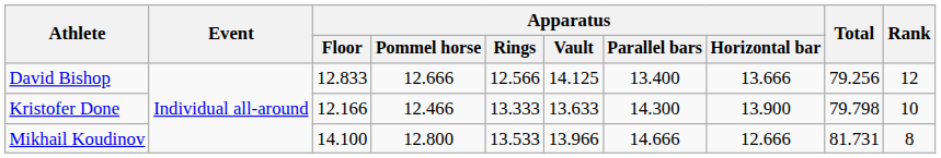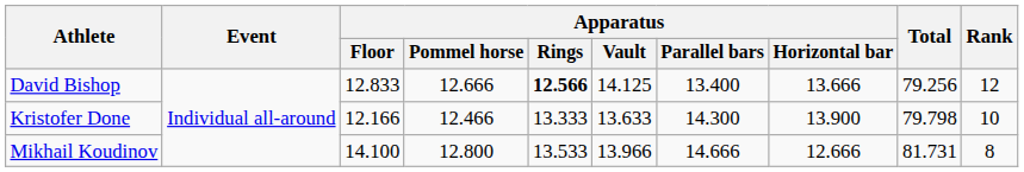 <table class="wikitable" style="text-align:center;font-size:90%">
 <tr>
 <th rowspan=2>Athlete</th>
 <th rowspan=2>Event</th>
 <th colspan=6>Apparatus</th>
 <th rowspan=2>Total</th>
 <th rowspan=2>Rank</th>
 </tr>
 <tr style="font-size:95%">
 <th>Floor</th>
 <th>Pommel horse</th>
 <th>Rings</th>
 <th>Vault</th>
 <th>Parallel bars</th>
 <th>Horizontal bar</th>
 </tr>
 <tr>
 <td align=left><a href='#'>David Bishop</a></td>
 <td align=left rowspan=3><a href='#'>Individual all-around</a></td>
 <td>12.833</td>
 <td>12.666</td>
-<td>12.566</td>
+<td><strong>12.566</strong></td>
 <td>14.125</td>
 <td>13.400</td>
 <td>13.666</td>
 <td>79.256</td>
 <td>12</td>
 </tr>
 <tr>
 <td align=left><a href='#'>Kristofer Done</a></td>
 <td>12.166</td>
 <td>12.466</td>
 <td>13.333</td>
 <td>13.633</td>
 <td>14.300</td>
 <td>13.900</td>
 <td>79.798</td>
 <td>10</td>
 </tr>
 <tr>
 <td align=left><a href='#'>Mikhail Koudinov</a></td>
 <td>14.100</td>
 <td>12.800</td>
 <td>13.533</td>
 <td>13.966</td>
 <td>14.666</td>
 <td>12.666</td>
 <td>81.731</td>
 <td>8</td>
 </tr>
 </table>
